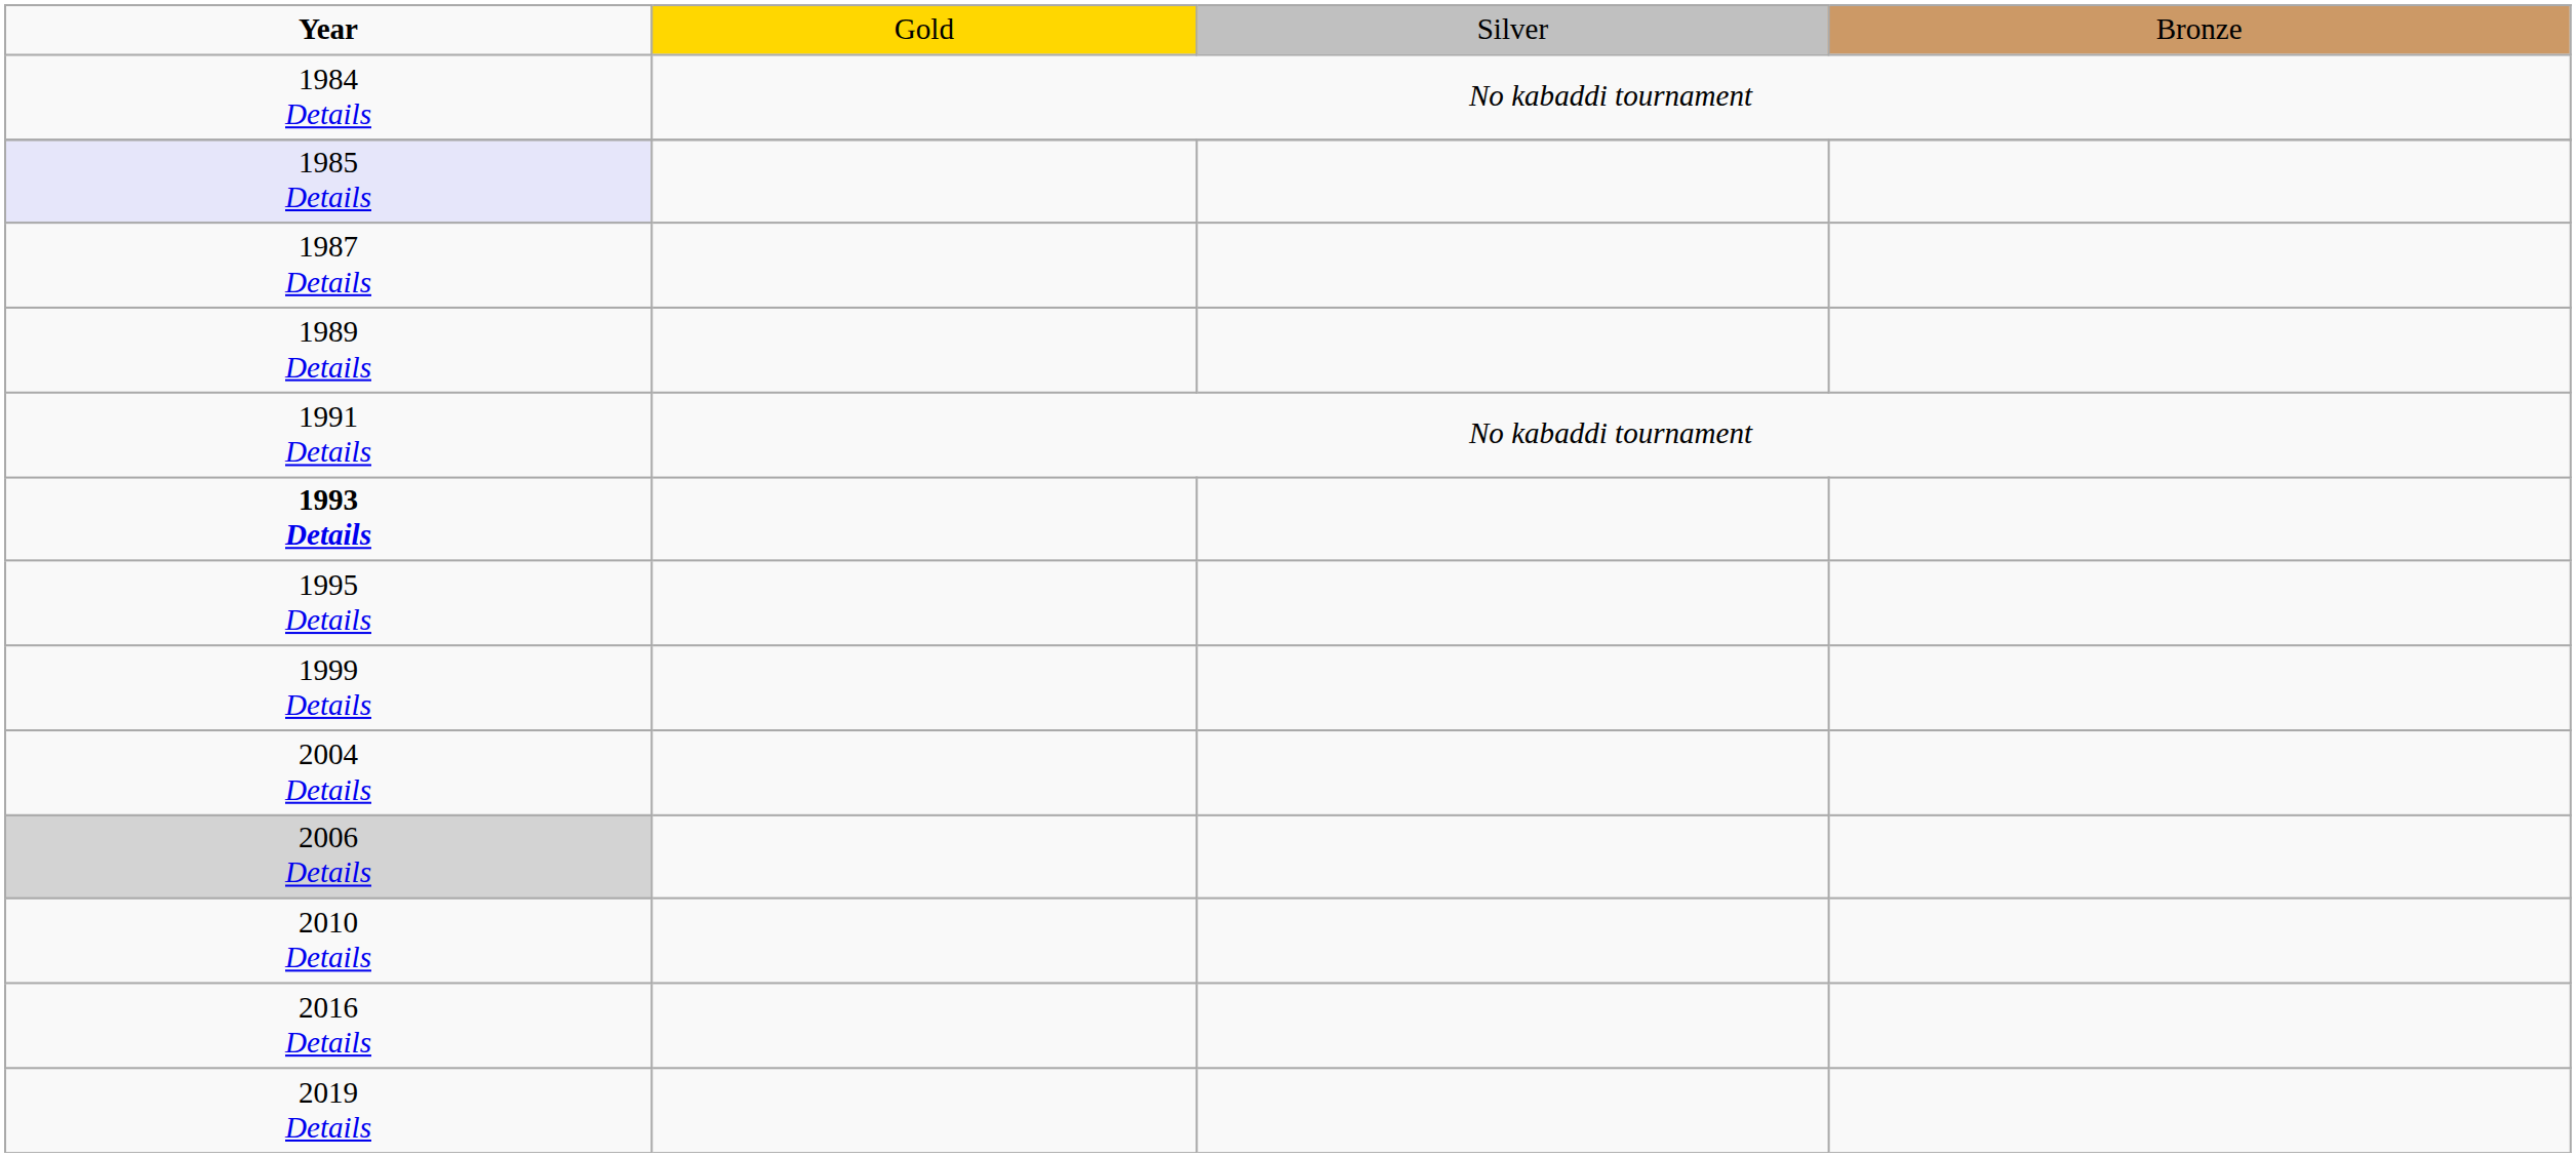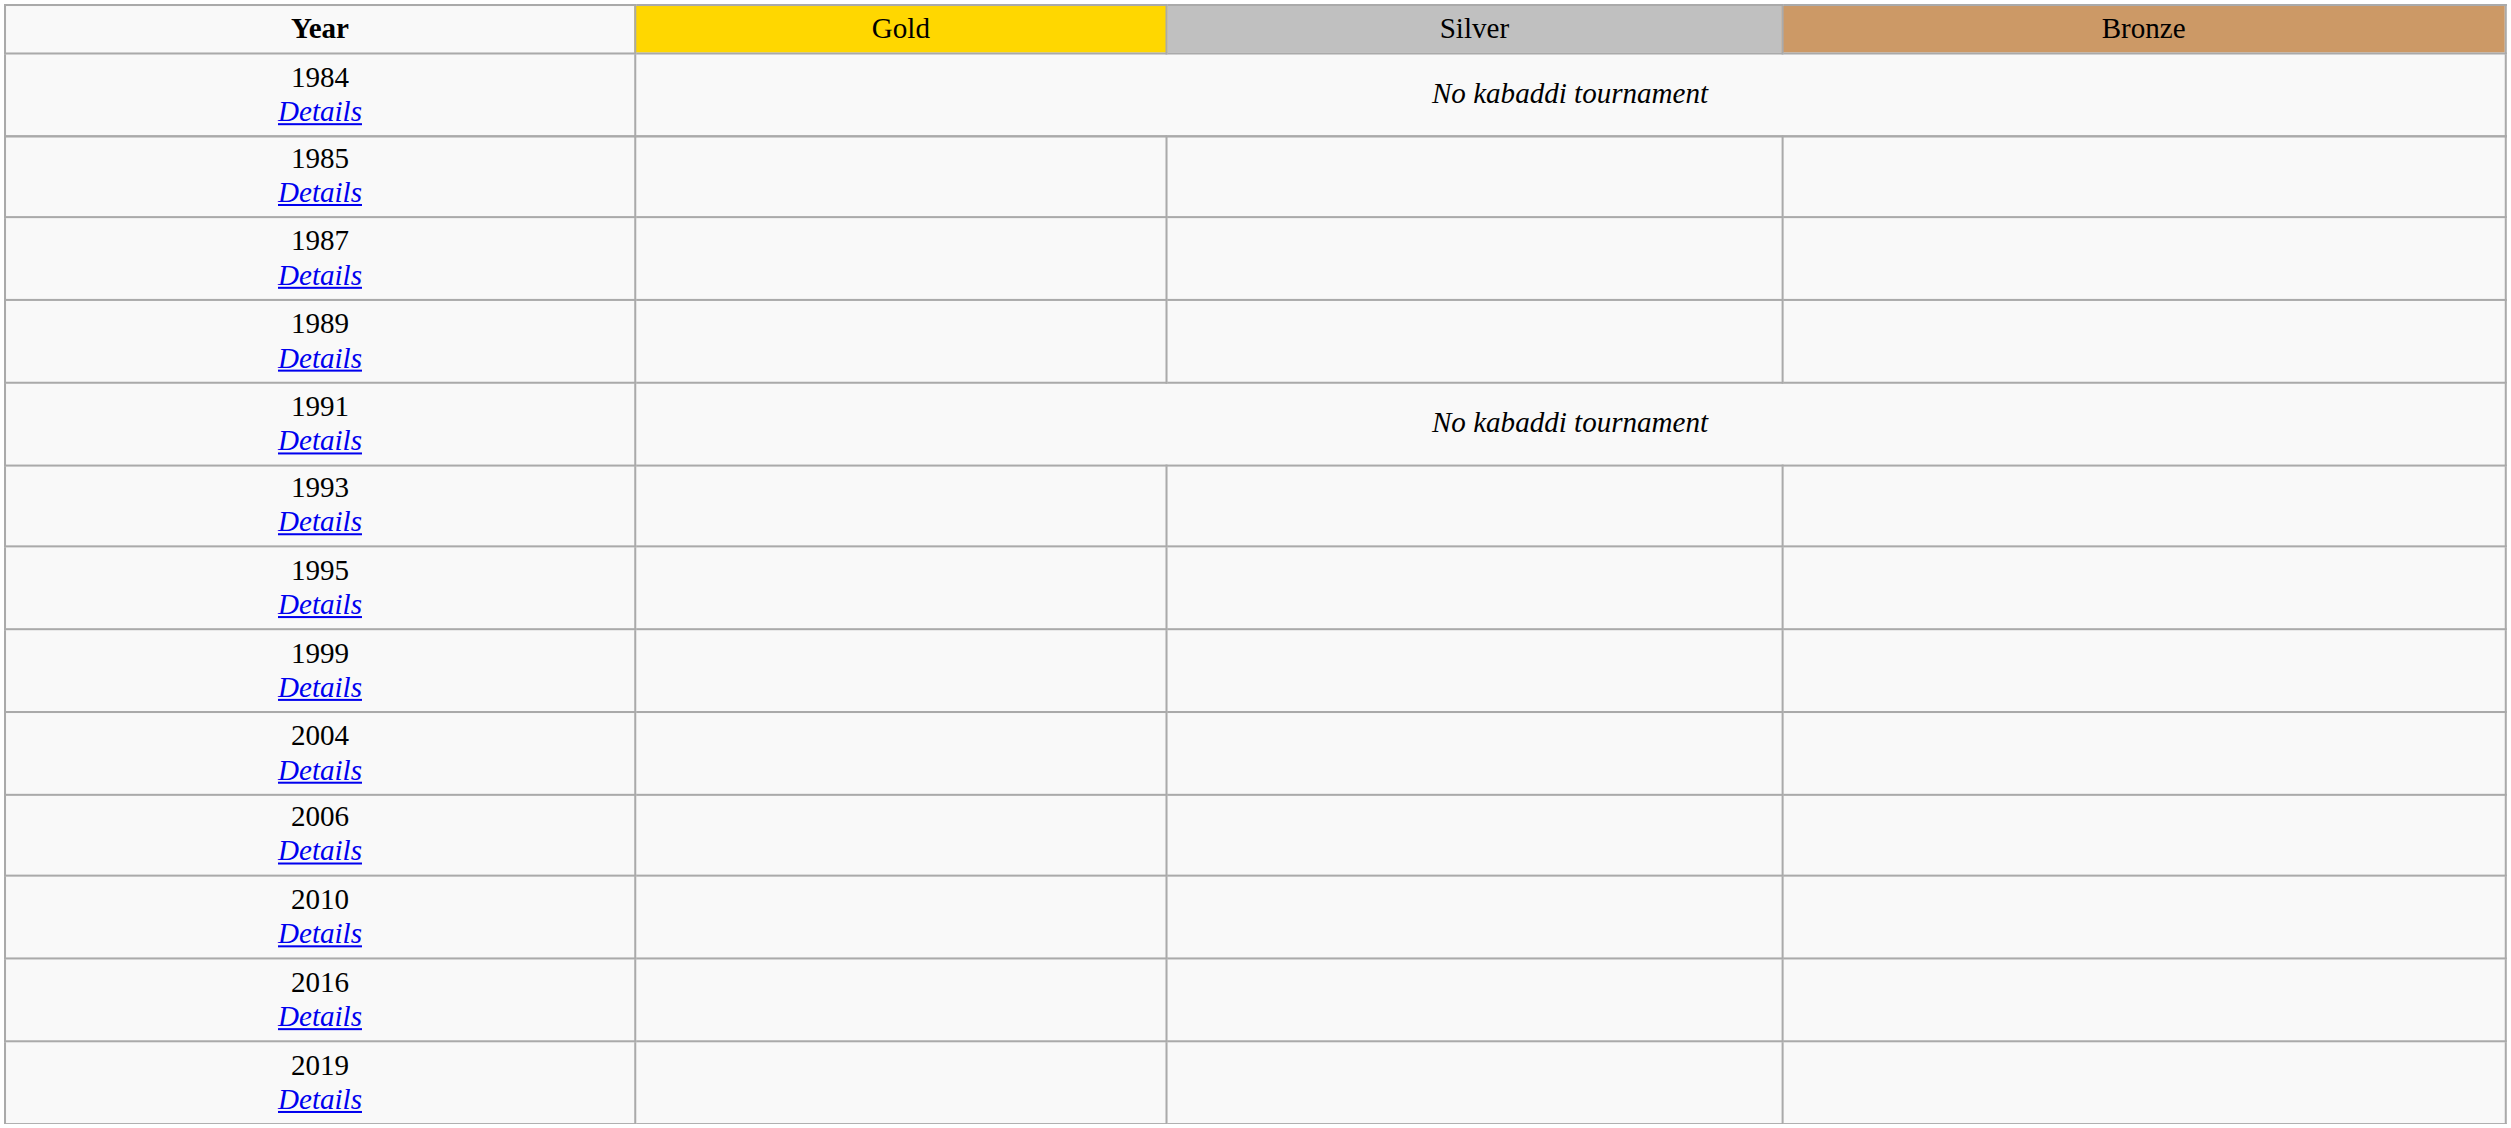 <table class="wikitable" style="font-size:90%; width: 98%; text-align: center;">
 <tr>
 <td><strong>Year</strong></td>
 <td bgcolor="gold">Gold</td>
 <td bgcolor="silver">Silver</td>
 <td style="background:#c96;">Bronze</td>
 </tr>
 <tr>
 <td>1984<br><em><a href='#'>Details</a></em></td>
 <td colspan=6><em>No kabaddi tournament</em></td>
 </tr>
 <tr align=center>
 </tr>
 <tr>
-<td style="background: lavender;">1985<br><em><a href='#'>Details</a></em></td>
+<td>1985<br><em><a href='#'>Details</a></em></td>
 <td></td>
 <td></td>
 <td></td>
 </tr>
 <tr>
 <td>1987<br><em><a href='#'>Details</a></em></td>
 <td></td>
 <td></td>
 <td></td>
 </tr>
 <tr align=center>
 <td>1989<br><em><a href='#'>Details</a></em></td>
 <td></td>
 <td></td>
 <td></td>
 </tr>
 <tr>
 <td>1991<br><em><a href='#'>Details</a></em></td>
 <td colspan=6><em>No kabaddi tournament</em></td>
 </tr>
 <tr>
-<td><strong>1993<br><em><a href='#'>Details</a></em></strong></td>
+<td>1993<br><em><a href='#'>Details</a></em></td>
 <td></td>
 <td></td>
 <td></td>
 </tr>
 <tr>
 <td>1995<br><em><a href='#'>Details</a></em></td>
 <td></td>
 <td></td>
 <td></td>
 </tr>
 <tr>
 <td>1999<br><em><a href='#'>Details</a></em></td>
 <td></td>
 <td></td>
 <td></td>
 </tr>
 <tr>
 <td>2004<br><em><a href='#'>Details</a></em></td>
 <td></td>
 <td></td>
 <td></td>
 </tr>
 <tr>
-<td style="background: lightgrey;">2006<br><em><a href='#'>Details</a></em></td>
+<td>2006<br><em><a href='#'>Details</a></em></td>
 <td></td>
 <td></td>
 <td></td>
 </tr>
 <tr>
 <td>2010<br><em><a href='#'>Details</a></em></td>
 <td></td>
 <td></td>
 <td> <br> </td>
 </tr>
 <tr>
 <td>2016<br><em><a href='#'>Details</a></em></td>
 <td></td>
 <td></td>
 <td> <br> </td>
 </tr>
 <tr>
 <td>2019<br><em><a href='#'>Details</a></em></td>
 <td></td>
 <td></td>
 <td> <br> </td>
 </tr>
 </table>
